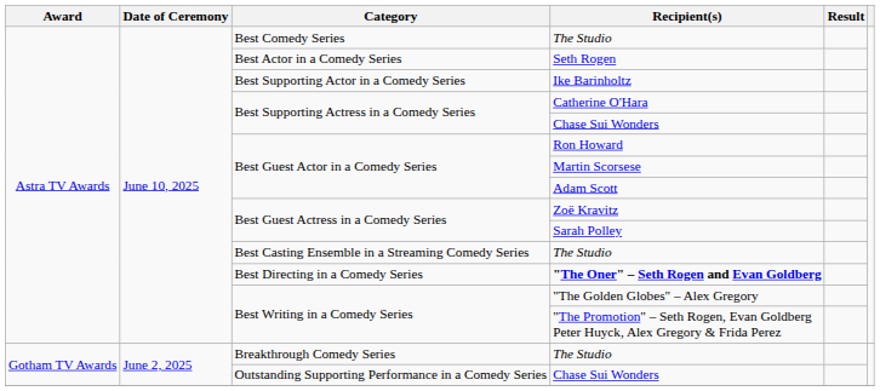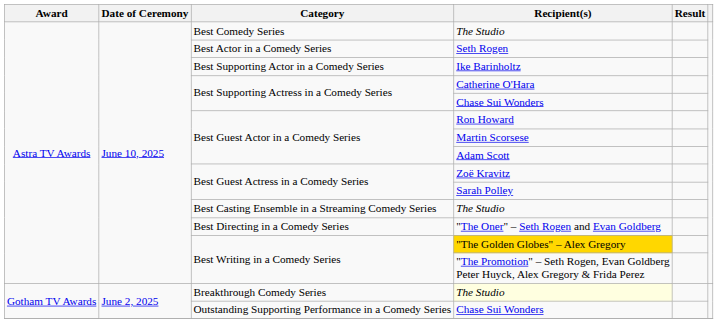 <table class="wikitable sortable plainrowheaders">
 <tr>
 <th scope="col">Award</th>
 <th scope="col">Date of Ceremony</th>
 <th scope="col">Category</th>
 <th scope="col">Recipient(s)</th>
 <th scope="col">Result</th>
 <th scope="col" class="unsortable"></th>
 </tr>
 <tr>
 <td align="center" rowspan=14><a href='#'>Astra TV Awards</a></td>
 <td rowspan=14><a href='#'>June 10, 2025</a></td>
 <td>Best Comedy Series</td>
 <td><em>The Studio</em></td>
 <td></td>
 <td rowspan=14></td>
 </tr>
 <tr>
 <td>Best Actor in a Comedy Series</td>
 <td><a href='#'>Seth Rogen</a></td>
 <td></td>
 </tr>
 <tr>
 <td>Best Supporting Actor in a Comedy Series</td>
 <td><a href='#'>Ike Barinholtz</a></td>
 <td></td>
 </tr>
 <tr>
 <td rowspan=2>Best Supporting Actress in a Comedy Series</td>
 <td><a href='#'>Catherine O'Hara</a></td>
 <td></td>
 </tr>
 <tr>
 <td><a href='#'>Chase Sui Wonders</a></td>
 <td></td>
 </tr>
 <tr>
 <td rowspan=3>Best Guest Actor in a Comedy Series</td>
 <td><a href='#'>Ron Howard</a></td>
 <td></td>
 </tr>
 <tr>
 <td><a href='#'>Martin Scorsese</a></td>
 <td></td>
 </tr>
 <tr>
 <td><a href='#'>Adam Scott</a></td>
 <td></td>
 </tr>
 <tr>
 <td rowspan=2>Best Guest Actress in a Comedy Series</td>
 <td><a href='#'>Zoë Kravitz</a></td>
 <td></td>
 </tr>
 <tr>
 <td><a href='#'>Sarah Polley</a></td>
 <td></td>
 </tr>
 <tr>
 <td>Best Casting Ensemble in a Streaming Comedy Series</td>
 <td><em>The Studio</em></td>
 <td></td>
 </tr>
 <tr>
 <td>Best Directing in a Comedy Series</td>
-<td><strong>"<a href='#'>The Oner</a>" – <a href='#'>Seth Rogen</a> and <a href='#'>Evan Goldberg</a></strong></td>
+<td>"<a href='#'>The Oner</a>" – <a href='#'>Seth Rogen</a> and <a href='#'>Evan Goldberg</a></td>
 <td></td>
 </tr>
 <tr>
 <td rowspan=2>Best Writing in a Comedy Series</td>
-<td>"The Golden Globes" – Alex Gregory</td>
+<td style="background: gold;">"The Golden Globes" – Alex Gregory</td>
 <td></td>
 </tr>
 <tr>
 <td>"<a href='#'>The Promotion</a>" – Seth Rogen, Evan Goldberg <br> Peter Huyck, Alex Gregory & Frida Perez</td>
 <td></td>
 </tr>
 <tr>
 <td align="center" rowspan="2"><a href='#'>Gotham TV Awards</a></td>
 <td rowspan="2"><a href='#'>June 2, 2025</a></td>
 <td>Breakthrough Comedy Series</td>
-<td><em>The Studio</em></td>
+<td style="background: lightyellow;"><em>The Studio</em></td>
 <td></td>
 <td align="center" rowspan="2"></td>
 </tr>
 <tr>
 <td>Outstanding Supporting Performance in a Comedy Series</td>
 <td><a href='#'>Chase Sui Wonders</a></td>
 <td></td>
 </tr>
 <tr>
 </tr>
 </table>
